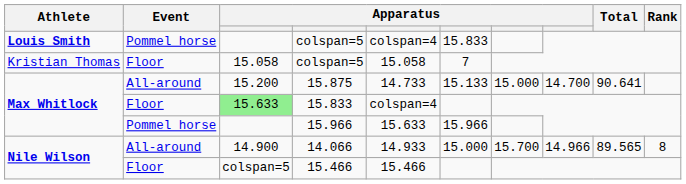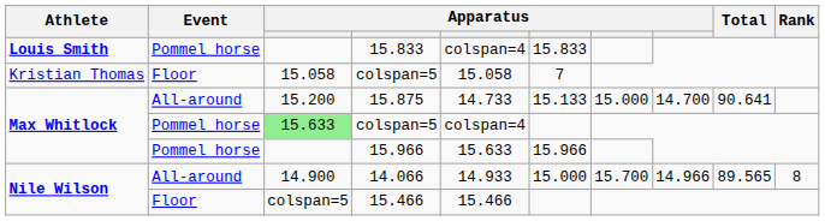 <table class="wikitable" style="font-size:90%">
 <tr>
 <th rowspan=2>Athlete</th>
 <th rowspan=2>Event</th>
 <th colspan =6>Apparatus</th>
 <th rowspan=2>Total</th>
 <th rowspan=2>Rank</th>
 </tr>
 <tr style="font-size:95%">
 <th></th>
 <th></th>
 <th></th>
 <th></th>
 <th></th>
 <th></th>
 </tr>
 <tr align=center>
 <td align=left><strong><a href='#'>Louis Smith</a></strong></td>
 <td align=left><a href='#'>Pommel horse</a></td>
 <td></td>
-<td>colspan=5 </td>
+<td>15.833</td>
 <td>colspan=4 </td>
 <td>15.833</td>
 <td></td>
 </tr>
 <tr align=center>
 <td align=left><a href='#'>Kristian Thomas</a></td>
 <td align=left><a href='#'>Floor</a></td>
 <td>15.058</td>
 <td>colspan=5 </td>
 <td>15.058</td>
 <td>7</td>
 </tr>
 <tr align=center>
 <td align=left rowspan=3><strong><a href='#'>Max Whitlock</a></strong></td>
 <td align=left><a href='#'>All-around</a></td>
 <td>15.200</td>
 <td>15.875</td>
 <td>14.733</td>
 <td>15.133</td>
 <td>15.000</td>
 <td>14.700</td>
 <td>90.641</td>
 <td></td>
 </tr>
 <tr align=center>
-<td align=left><a href='#'>Floor</a></td>
+<td align=left><a href='#'>Pommel horse</a></td>
 <td style="background: lightgreen;">15.633</td>
-<td>15.833</td>
+<td>colspan=5 </td>
 <td>colspan=4 </td>
 <td></td>
 </tr>
 <tr align=center>
 <td align=left><a href='#'>Pommel horse</a></td>
 <td></td>
 <td>15.966</td>
 <td>15.633</td>
 <td>15.966</td>
 <td></td>
 </tr>
 <tr align=center>
 <td align=left rowspan=2><strong><a href='#'>Nile Wilson</a></strong></td>
 <td align=left><a href='#'>All-around</a></td>
 <td>14.900</td>
 <td>14.066</td>
 <td>14.933</td>
 <td>15.000</td>
 <td>15.700</td>
 <td>14.966</td>
 <td>89.565</td>
 <td>8</td>
 </tr>
 <tr align=center>
 <td align=left><a href='#'>Floor</a></td>
 <td>colspan=5 </td>
 <td>15.466</td>
 <td>15.466</td>
 <td></td>
 </tr>
 </table>
